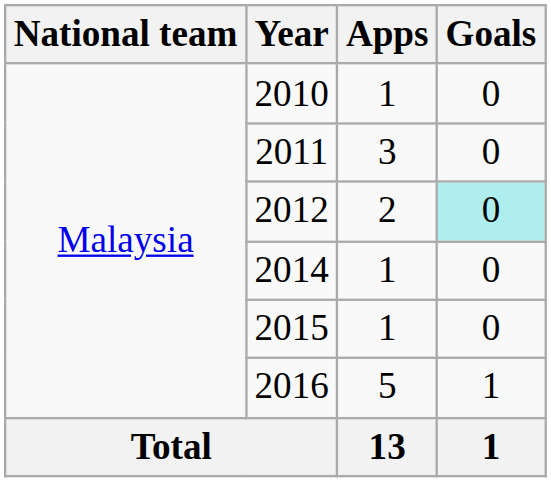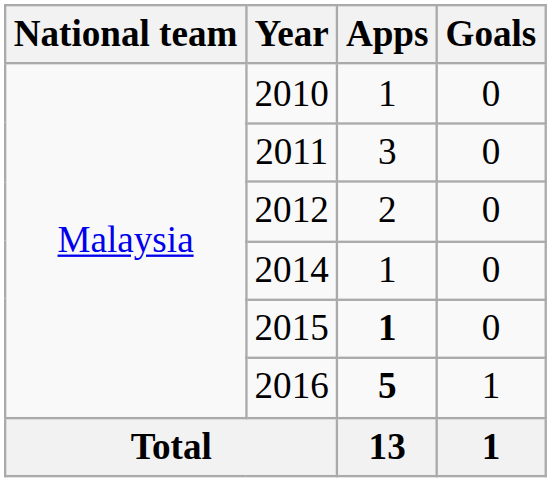 <table class=wikitable style="text-align: center;">
 <tr>
 <th>National team</th>
 <th>Year</th>
 <th>Apps</th>
 <th>Goals</th>
 </tr>
 <tr>
 <td rowspan=6><a href='#'>Malaysia</a></td>
 <td>2010</td>
 <td>1</td>
 <td>0</td>
 </tr>
 <tr>
 <td>2011</td>
 <td>3</td>
 <td>0</td>
 </tr>
 <tr>
 <td>2012</td>
 <td>2</td>
-<td style="background: paleturquoise;">0</td>
+<td>0</td>
 </tr>
 <tr>
 <td>2014</td>
 <td>1</td>
 <td>0</td>
 </tr>
 <tr>
 <td>2015</td>
-<td>1</td>
+<td><strong>1</strong></td>
 <td>0</td>
 </tr>
 <tr>
 <td>2016</td>
-<td>5</td>
+<td><strong>5</strong></td>
 <td>1</td>
 </tr>
 <tr>
 <th colspan=2>Total</th>
 <th>13</th>
 <th>1</th>
 </tr>
 </table>
